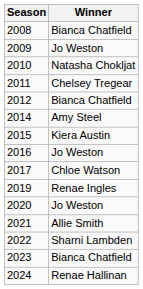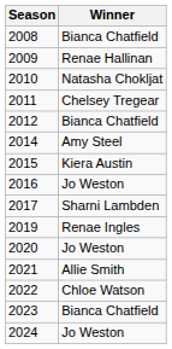 <table class="wikitable collapsible">
 <tr>
 <th>Season</th>
 <th>Winner</th>
 </tr>
 <tr>
 <td>2008</td>
 <td>Bianca Chatfield</td>
 </tr>
 <tr>
 <td>2009</td>
-<td>Jo Weston</td>
+<td>Renae Hallinan</td>
 </tr>
 <tr>
 <td>2010</td>
 <td>Natasha Chokljat</td>
 </tr>
 <tr>
 <td>2011</td>
 <td>Chelsey Tregear</td>
 </tr>
 <tr>
 <td>2012</td>
 <td>Bianca Chatfield</td>
 </tr>
 <tr>
 <td>2014</td>
 <td>Amy Steel</td>
 </tr>
 <tr>
 <td>2015</td>
 <td>Kiera Austin</td>
 </tr>
 <tr>
 <td>2016</td>
 <td>Jo Weston</td>
 </tr>
 <tr>
 <td>2017</td>
-<td>Chloe Watson</td>
+<td>Sharni Lambden</td>
 </tr>
 <tr>
 <td>2019</td>
 <td>Renae Ingles</td>
 </tr>
 <tr>
 <td>2020</td>
 <td>Jo Weston</td>
 </tr>
 <tr>
 <td>2021</td>
 <td>Allie Smith</td>
 </tr>
 <tr>
 <td>2022</td>
-<td>Sharni Lambden</td>
+<td>Chloe Watson</td>
 </tr>
 <tr>
 <td>2023</td>
 <td>Bianca Chatfield</td>
 </tr>
 <tr>
 <td>2024</td>
-<td>Renae Hallinan</td>
+<td>Jo Weston</td>
 </tr>
 </table>
